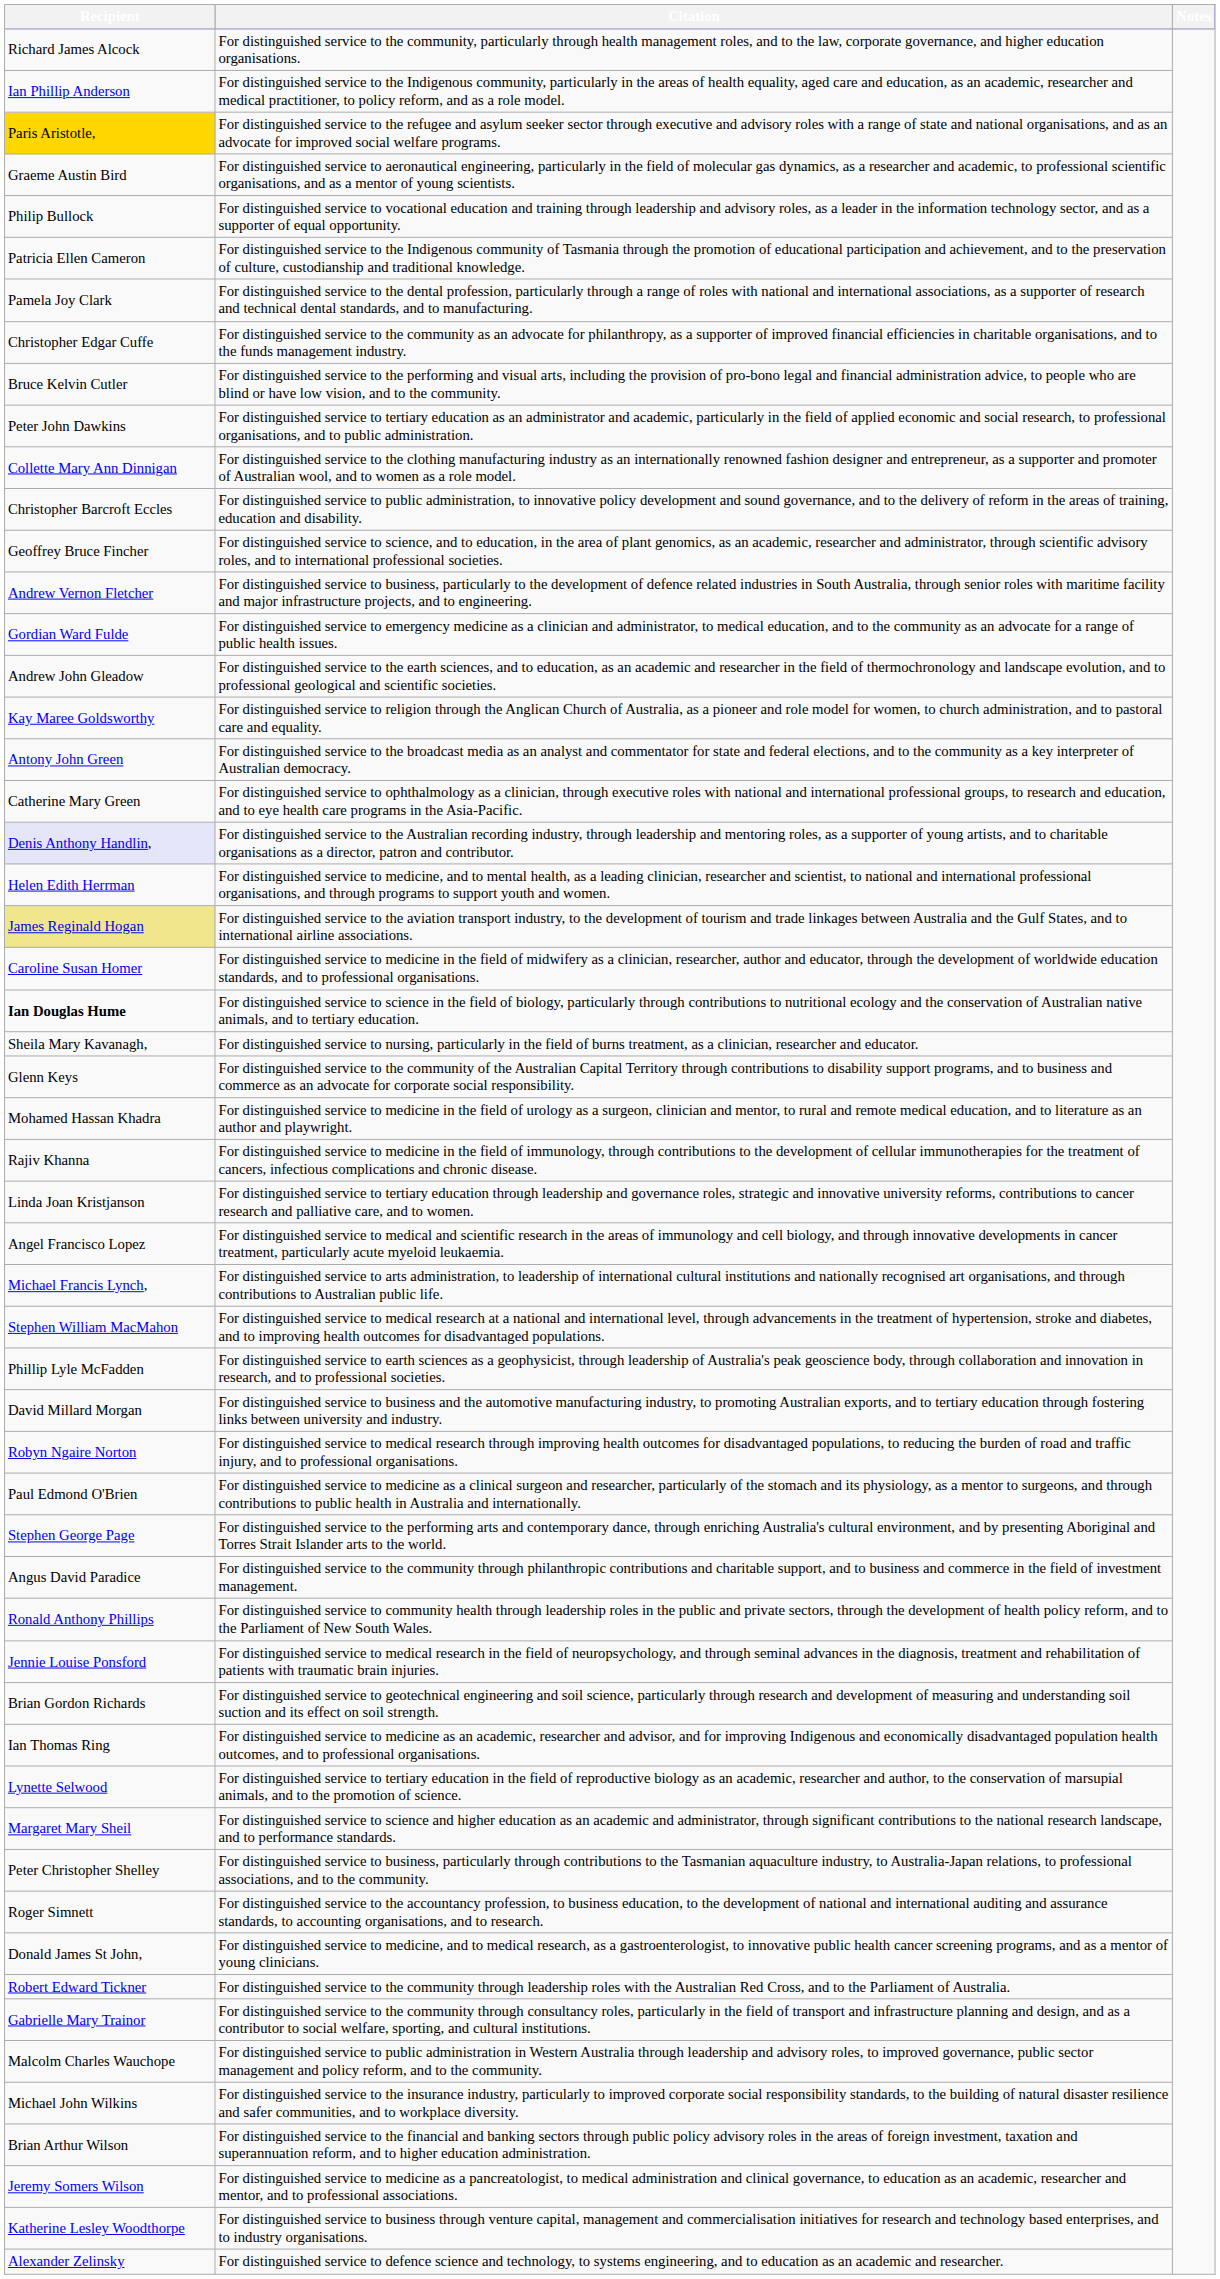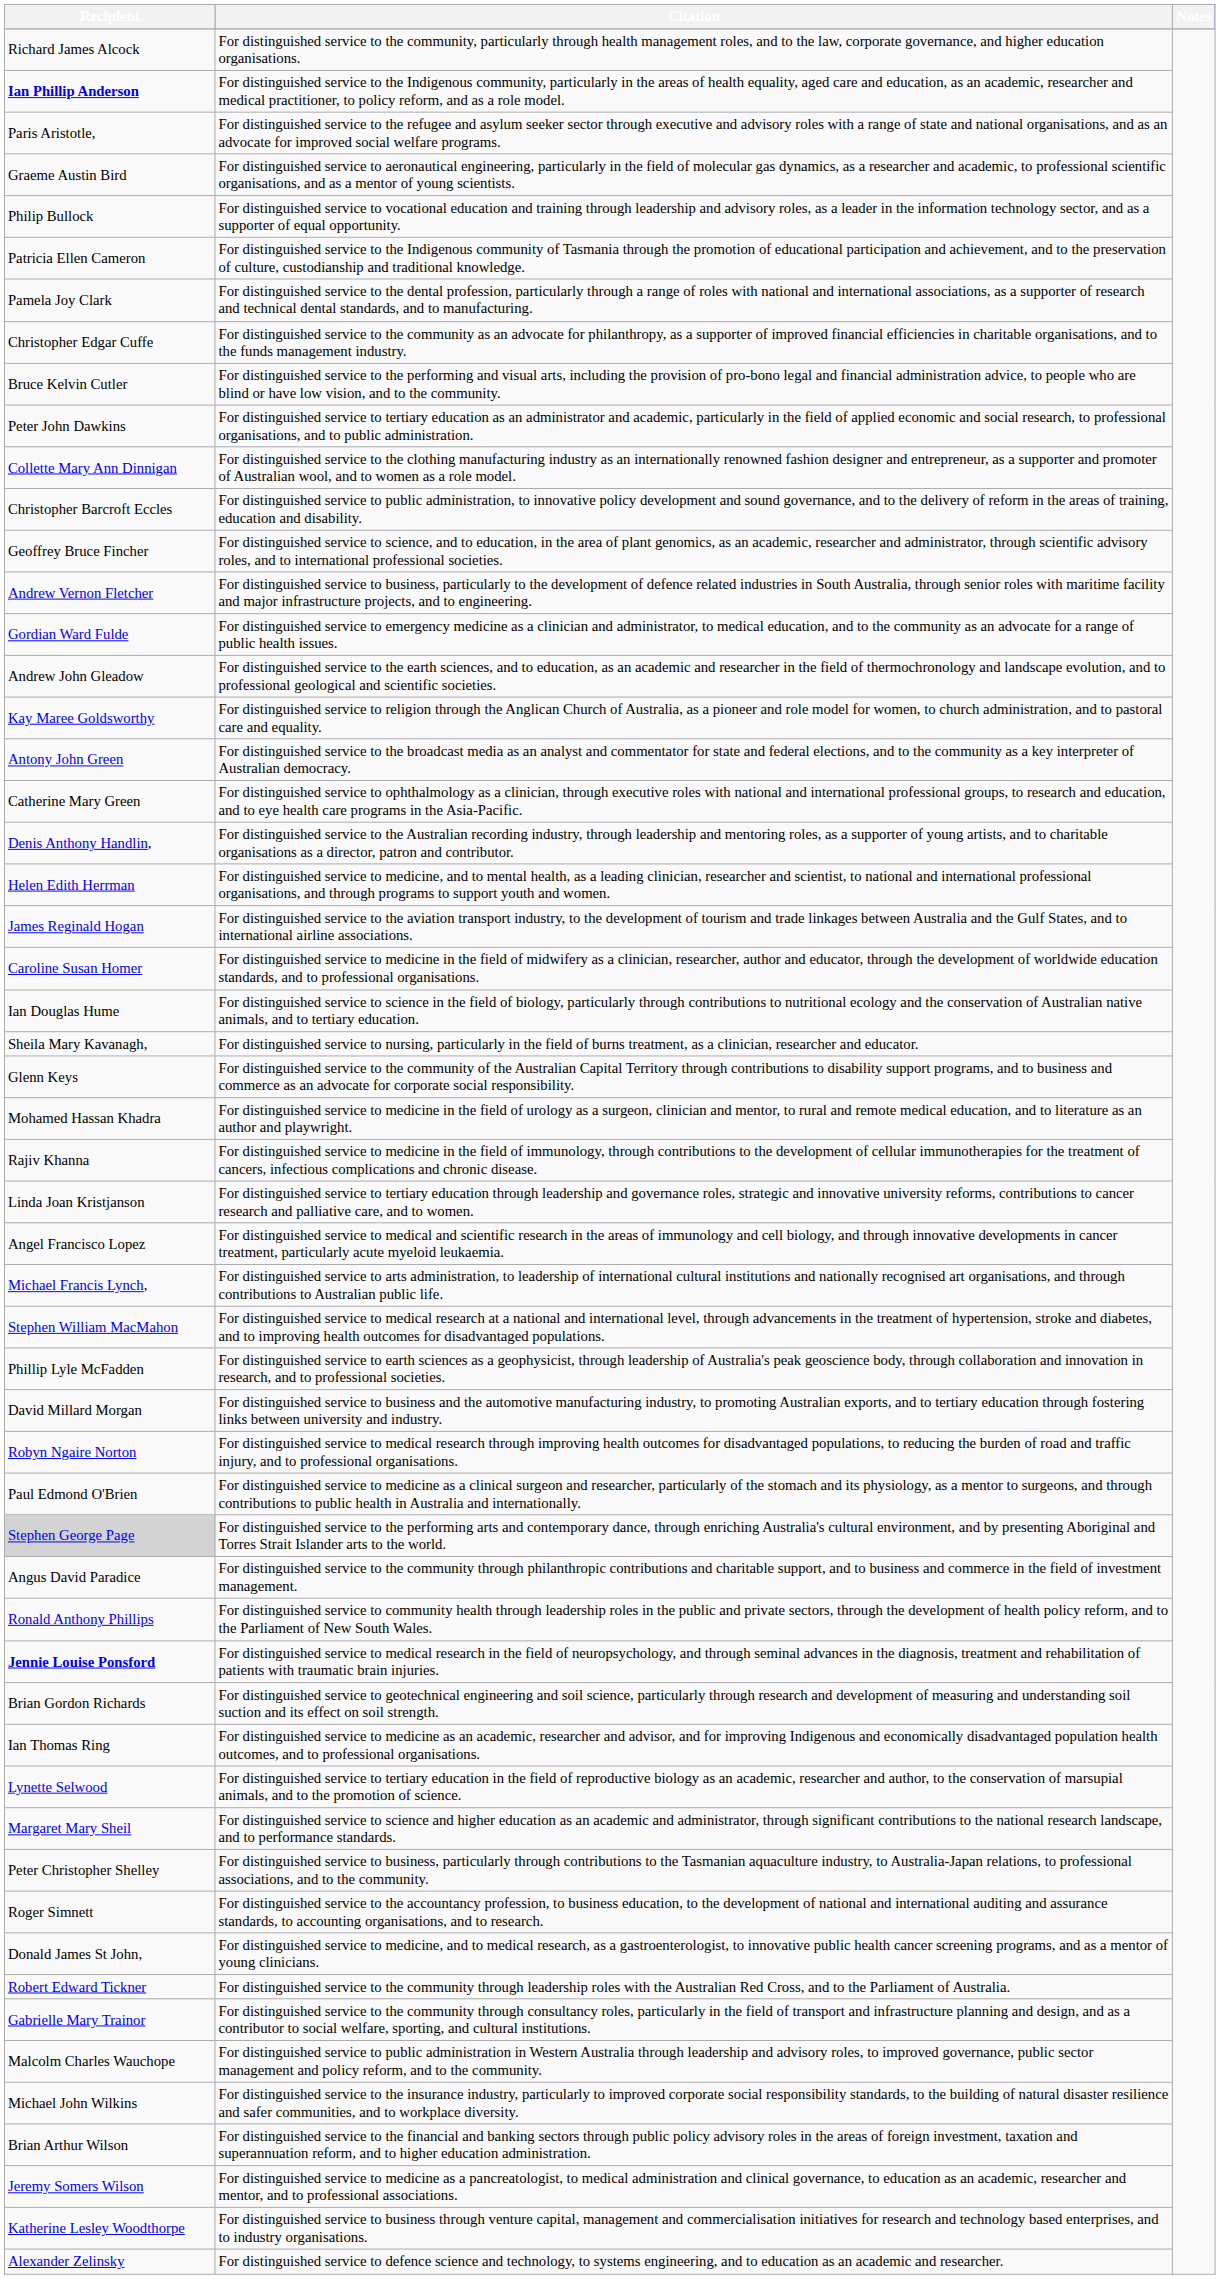 <table class="wikitable" style="font-size:95%;">
 <tr style="background: blue; color: white">
 <th style="width:210px;">Recipient</th>
 <th>Citation</th>
 <th>Notes</th>
 </tr>
 <tr>
 <td>Richard James Alcock</td>
 <td>For distinguished service to the community, particularly through health management roles, and to the law, corporate governance, and higher education organisations.</td>
 <td rowspan=55></td>
 </tr>
 <tr>
-<td> <a href='#'>Ian Phillip Anderson</a></td>
+<td><strong> <a href='#'>Ian Phillip Anderson</a></strong></td>
 <td>For distinguished service to the Indigenous community, particularly in the areas of health equality, aged care and education, as an academic, researcher and medical practitioner, to policy reform, and as a role model.</td>
 </tr>
 <tr>
-<td style="background: gold;">Paris Aristotle, </td>
+<td>Paris Aristotle, </td>
 <td>For distinguished service to the refugee and asylum seeker sector through executive and advisory roles with a range of state and national organisations, and as an advocate for improved social welfare programs.</td>
 </tr>
 <tr>
 <td> Graeme Austin Bird</td>
 <td>For distinguished service to aeronautical engineering, particularly in the field of molecular gas dynamics, as a researcher and academic, to professional scientific organisations, and as a mentor of young scientists.</td>
 </tr>
 <tr>
 <td>Philip Bullock</td>
 <td>For distinguished service to vocational education and training through leadership and advisory roles, as a leader in the information technology sector, and as a supporter of equal opportunity.</td>
 </tr>
 <tr>
 <td> Patricia Ellen Cameron</td>
 <td>For distinguished service to the Indigenous community of Tasmania through the promotion of educational participation and achievement, and to the preservation of culture, custodianship and traditional knowledge.</td>
 </tr>
 <tr>
 <td>Pamela Joy Clark</td>
 <td>For distinguished service to the dental profession, particularly through a range of roles with national and international associations, as a supporter of research and technical dental standards, and to manufacturing.</td>
 </tr>
 <tr>
 <td>Christopher Edgar Cuffe</td>
 <td>For distinguished service to the community as an advocate for philanthropy, as a supporter of improved financial efficiencies in charitable organisations, and to the funds management industry.</td>
 </tr>
 <tr>
 <td>Bruce Kelvin Cutler</td>
 <td>For distinguished service to the performing and visual arts, including the provision of pro-bono legal and financial administration advice, to people who are blind or have low vision, and to the community.</td>
 </tr>
 <tr>
 <td> Peter John Dawkins</td>
 <td>For distinguished service to tertiary education as an administrator and academic, particularly in the field of applied economic and social research, to professional organisations, and to public administration.</td>
 </tr>
 <tr>
 <td><a href='#'>Collette Mary Ann Dinnigan</a></td>
 <td>For distinguished service to the clothing manufacturing industry as an internationally renowned fashion designer and entrepreneur, as a supporter and promoter of Australian wool, and to women as a role model.</td>
 </tr>
 <tr>
 <td>Christopher Barcroft Eccles</td>
 <td>For distinguished service to public administration, to innovative policy development and sound governance, and to the delivery of reform in the areas of training, education and disability.</td>
 </tr>
 <tr>
 <td> Geoffrey Bruce Fincher</td>
 <td>For distinguished service to science, and to education, in the area of plant genomics, as an academic, researcher and administrator, through scientific advisory roles, and to international professional societies.</td>
 </tr>
 <tr>
 <td><a href='#'>Andrew Vernon Fletcher</a></td>
 <td>For distinguished service to business, particularly to the development of defence related industries in South Australia, through senior roles with maritime facility and major infrastructure projects, and to engineering.</td>
 </tr>
 <tr>
 <td> <a href='#'>Gordian Ward Fulde</a></td>
 <td>For distinguished service to emergency medicine as a clinician and administrator, to medical education, and to the community as an advocate for a range of public health issues.</td>
 </tr>
 <tr>
 <td> Andrew John Gleadow</td>
 <td>For distinguished service to the earth sciences, and to education, as an academic and researcher in the field of thermochronology and landscape evolution, and to professional geological and scientific societies.</td>
 </tr>
 <tr>
 <td> <a href='#'>Kay Maree Goldsworthy</a></td>
 <td>For distinguished service to religion through the Anglican Church of Australia, as a pioneer and role model for women, to church administration, and to pastoral care and equality.</td>
 </tr>
 <tr>
 <td><a href='#'>Antony John Green</a></td>
 <td>For distinguished service to the broadcast media as an analyst and commentator for state and federal elections, and to the community as a key interpreter of Australian democracy.</td>
 </tr>
 <tr>
 <td> Catherine Mary Green</td>
 <td>For distinguished service to ophthalmology as a clinician, through executive roles with national and international professional groups, to research and education, and to eye health care programs in the Asia-Pacific.</td>
 </tr>
 <tr>
-<td style="background: lavender;"><a href='#'>Denis Anthony Handlin</a>, </td>
+<td><a href='#'>Denis Anthony Handlin</a>, </td>
 <td>For distinguished service to the Australian recording industry, through leadership and mentoring roles, as a supporter of young artists, and to charitable organisations as a director, patron and contributor.</td>
 </tr>
 <tr>
 <td> <a href='#'>Helen Edith Herrman</a></td>
 <td>For distinguished service to medicine, and to mental health, as a leading clinician, researcher and scientist, to national and international professional organisations, and through programs to support youth and women.</td>
 </tr>
 <tr>
-<td style="background: khaki;"><a href='#'>James Reginald Hogan</a></td>
+<td><a href='#'>James Reginald Hogan</a></td>
 <td>For distinguished service to the aviation transport industry, to the development of tourism and trade linkages between Australia and the Gulf States, and to international airline associations.</td>
 </tr>
 <tr>
 <td> <a href='#'>Caroline Susan Homer</a></td>
 <td>For distinguished service to medicine in the field of midwifery as a clinician, researcher, author and educator, through the development of worldwide education standards, and to professional organisations.</td>
 </tr>
 <tr>
-<td><strong> Ian Douglas Hume</strong></td>
+<td> Ian Douglas Hume</td>
 <td>For distinguished service to science in the field of biology, particularly through contributions to nutritional ecology and the conservation of Australian native animals, and to tertiary education.</td>
 </tr>
 <tr>
 <td>Sheila Mary Kavanagh, </td>
 <td>For distinguished service to nursing, particularly in the field of burns treatment, as a clinician, researcher and educator.</td>
 </tr>
 <tr>
 <td>Glenn Keys</td>
 <td>For distinguished service to the community of the Australian Capital Territory through contributions to disability support programs, and to business and commerce as an advocate for corporate social responsibility.</td>
 </tr>
 <tr>
 <td> Mohamed Hassan Khadra</td>
 <td>For distinguished service to medicine in the field of urology as a surgeon, clinician and mentor, to rural and remote medical education, and to literature as an author and playwright.</td>
 </tr>
 <tr>
 <td> Rajiv Khanna</td>
 <td>For distinguished service to medicine in the field of immunology, through contributions to the development of cellular immunotherapies for the treatment of cancers, infectious complications and chronic disease.</td>
 </tr>
 <tr>
 <td> Linda Joan Kristjanson</td>
 <td>For distinguished service to tertiary education through leadership and governance roles, strategic and innovative university reforms, contributions to cancer research and palliative care, and to women.</td>
 </tr>
 <tr>
 <td> Angel Francisco Lopez</td>
 <td>For distinguished service to medical and scientific research in the areas of immunology and cell biology, and through innovative developments in cancer treatment, particularly acute myeloid leukaemia.</td>
 </tr>
 <tr>
 <td><a href='#'>Michael Francis Lynch</a>, </td>
 <td>For distinguished service to arts administration, to leadership of international cultural institutions and nationally recognised art organisations, and through contributions to Australian public life.</td>
 </tr>
 <tr>
 <td> <a href='#'>Stephen William MacMahon</a></td>
 <td>For distinguished service to medical research at a national and international level, through advancements in the treatment of hypertension, stroke and diabetes, and to improving health outcomes for disadvantaged populations.</td>
 </tr>
 <tr>
 <td> Phillip Lyle McFadden</td>
 <td>For distinguished service to earth sciences as a geophysicist, through leadership of Australia's peak geoscience body, through collaboration and innovation in research, and to professional societies.</td>
 </tr>
 <tr>
 <td>David Millard Morgan</td>
 <td>For distinguished service to business and the automotive manufacturing industry, to promoting Australian exports, and to tertiary education through fostering links between university and industry.</td>
 </tr>
 <tr>
 <td> <a href='#'>Robyn Ngaire Norton</a></td>
 <td>For distinguished service to medical research through improving health outcomes for disadvantaged populations, to reducing the burden of road and traffic injury, and to professional organisations.</td>
 </tr>
 <tr>
 <td> Paul Edmond O'Brien</td>
 <td>For distinguished service to medicine as a clinical surgeon and researcher, particularly of the stomach and its physiology, as a mentor to surgeons, and through contributions to public health in Australia and internationally.</td>
 </tr>
 <tr>
-<td><a href='#'>Stephen George Page</a></td>
+<td style="background: lightgrey;"><a href='#'>Stephen George Page</a></td>
 <td>For distinguished service to the performing arts and contemporary dance, through enriching Australia's cultural environment, and by presenting Aboriginal and Torres Strait Islander arts to the world.</td>
 </tr>
 <tr>
 <td>Angus David Paradice</td>
 <td>For distinguished service to the community through philanthropic contributions and charitable support, and to business and commerce in the field of investment management.</td>
 </tr>
 <tr>
 <td> <a href='#'>Ronald Anthony Phillips</a></td>
 <td>For distinguished service to community health through leadership roles in the public and private sectors, through the development of health policy reform, and to the Parliament of New South Wales.</td>
 </tr>
 <tr>
-<td> <a href='#'>Jennie Louise Ponsford</a></td>
+<td><strong> <a href='#'>Jennie Louise Ponsford</a></strong></td>
 <td>For distinguished service to medical research in the field of neuropsychology, and through seminal advances in the diagnosis, treatment and rehabilitation of patients with traumatic brain injuries.</td>
 </tr>
 <tr>
 <td> Brian Gordon Richards</td>
 <td>For distinguished service to geotechnical engineering and soil science, particularly through research and development of measuring and understanding soil suction and its effect on soil strength.</td>
 </tr>
 <tr>
 <td> Ian Thomas Ring</td>
 <td>For distinguished service to medicine as an academic, researcher and advisor, and for improving Indigenous and economically disadvantaged population health outcomes, and to professional organisations.</td>
 </tr>
 <tr>
 <td> <a href='#'>Lynette Selwood</a></td>
 <td>For distinguished service to tertiary education in the field of reproductive biology as an academic, researcher and author, to the conservation of marsupial animals, and to the promotion of science.</td>
 </tr>
 <tr>
 <td> <a href='#'>Margaret Mary Sheil</a></td>
 <td>For distinguished service to science and higher education as an academic and administrator, through significant contributions to the national research landscape, and to performance standards.</td>
 </tr>
 <tr>
 <td>Peter Christopher Shelley</td>
 <td>For distinguished service to business, particularly through contributions to the Tasmanian aquaculture industry, to Australia-Japan relations, to professional associations, and to the community.</td>
 </tr>
 <tr>
 <td> Roger Simnett</td>
 <td>For distinguished service to the accountancy profession, to business education, to the development of national and international auditing and assurance standards, to accounting organisations, and to research.</td>
 </tr>
 <tr>
 <td> Donald James St John, </td>
 <td>For distinguished service to medicine, and to medical research, as a gastroenterologist, to innovative public health cancer screening programs, and as a mentor of young clinicians.</td>
 </tr>
 <tr>
 <td> <a href='#'>Robert Edward Tickner</a></td>
 <td>For distinguished service to the community through leadership roles with the Australian Red Cross, and to the Parliament of Australia.</td>
 </tr>
 <tr>
 <td><a href='#'>Gabrielle Mary Trainor</a></td>
 <td>For distinguished service to the community through consultancy roles, particularly in the field of transport and infrastructure planning and design, and as a contributor to social welfare, sporting, and cultural institutions.</td>
 </tr>
 <tr>
 <td>Malcolm Charles Wauchope</td>
 <td>For distinguished service to public administration in Western Australia through leadership and advisory roles, to improved governance, public sector management and policy reform, and to the community.</td>
 </tr>
 <tr>
 <td>Michael John Wilkins</td>
 <td>For distinguished service to the insurance industry, particularly to improved corporate social responsibility standards, to the building of natural disaster resilience and safer communities, and to workplace diversity.</td>
 </tr>
 <tr>
 <td>Brian Arthur Wilson</td>
 <td>For distinguished service to the financial and banking sectors through public policy advisory roles in the areas of foreign investment, taxation and superannuation reform, and to higher education administration.</td>
 </tr>
 <tr>
 <td> <a href='#'>Jeremy Somers Wilson</a></td>
 <td>For distinguished service to medicine as a pancreatologist, to medical administration and clinical governance, to education as an academic, researcher and mentor, and to professional associations.</td>
 </tr>
 <tr>
 <td> <a href='#'>Katherine Lesley Woodthorpe</a></td>
 <td>For distinguished service to business through venture capital, management and commercialisation initiatives for research and technology based enterprises, and to industry organisations.</td>
 </tr>
 <tr>
 <td> <a href='#'>Alexander Zelinsky</a></td>
 <td>For distinguished service to defence science and technology, to systems engineering, and to education as an academic and researcher.</td>
 </tr>
 </table>
